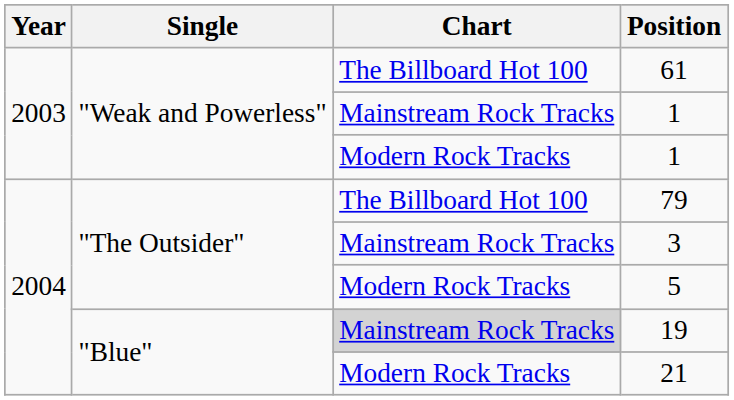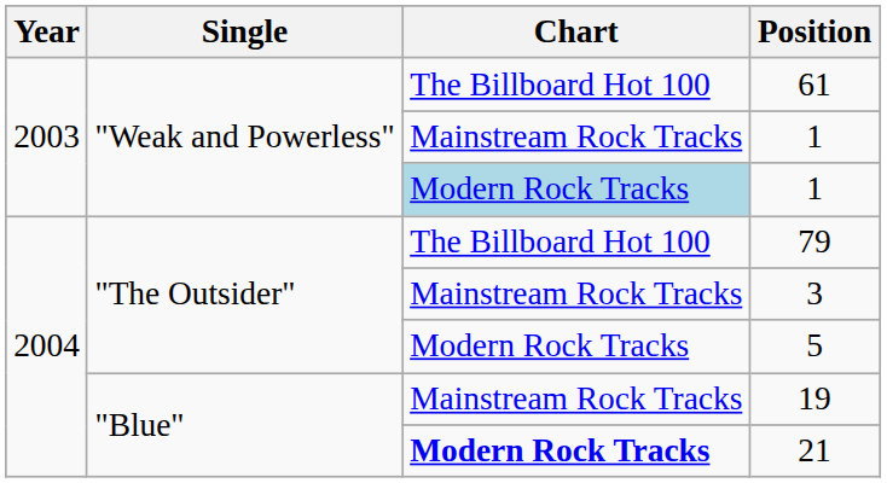 <table class="wikitable">
 <tr>
 <th>Year</th>
 <th>Single</th>
 <th>Chart</th>
 <th>Position</th>
 </tr>
 <tr>
 <td rowspan="3">2003</td>
 <td rowspan="3">"Weak and Powerless"</td>
 <td><a href='#'>The Billboard Hot 100</a></td>
 <td align="center">61</td>
 </tr>
 <tr>
 <td><a href='#'>Mainstream Rock Tracks</a></td>
 <td align="center">1</td>
 </tr>
 <tr>
-<td><a href='#'>Modern Rock Tracks</a></td>
+<td style="background: lightblue;"><a href='#'>Modern Rock Tracks</a></td>
 <td align="center">1</td>
 </tr>
 <tr>
 <td rowspan="5">2004</td>
 <td rowspan="3">"The Outsider"</td>
 <td><a href='#'>The Billboard Hot 100</a></td>
 <td align="center">79</td>
 </tr>
 <tr>
 <td><a href='#'>Mainstream Rock Tracks</a></td>
 <td align="center">3</td>
 </tr>
 <tr>
 <td><a href='#'>Modern Rock Tracks</a></td>
 <td align="center">5</td>
 </tr>
 <tr>
 <td rowspan="2">"Blue"</td>
-<td style="background: lightgrey;"><a href='#'>Mainstream Rock Tracks</a></td>
+<td><a href='#'>Mainstream Rock Tracks</a></td>
 <td align="center">19</td>
 </tr>
 <tr>
-<td><a href='#'>Modern Rock Tracks</a></td>
+<td><strong><a href='#'>Modern Rock Tracks</a></strong></td>
 <td align="center">21</td>
 </tr>
 </table>
